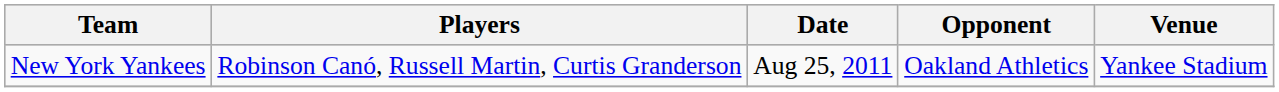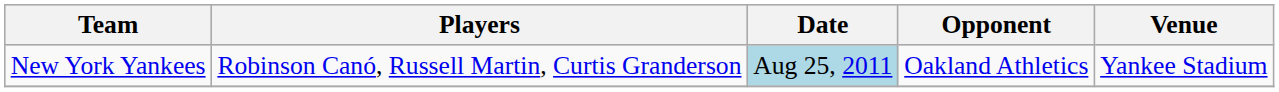 <table class="wikitable">
 <tr>
 <th>Team</th>
 <th>Players</th>
 <th>Date</th>
 <th>Opponent</th>
 <th>Venue</th>
 </tr>
 <tr>
 <td><a href='#'>New York Yankees</a></td>
 <td><a href='#'>Robinson Canó</a>, <a href='#'>Russell Martin</a>, <a href='#'>Curtis Granderson</a></td>
-<td>Aug 25, <a href='#'>2011</a></td>
+<td style="background: lightblue;">Aug 25, <a href='#'>2011</a></td>
 <td><a href='#'>Oakland Athletics</a></td>
 <td><a href='#'>Yankee Stadium</a></td>
 </tr>
 <tr>
 </tr>
 </table>
